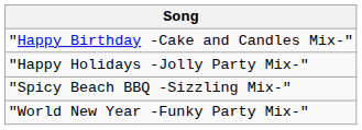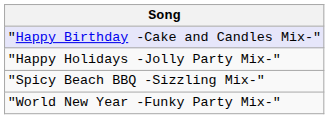 <table class="wikitable sortable" style="border-collapse:collapse;">
 <tr>
 <th scope="col">Song</th>
 </tr>
 <tr>
-<td scope="row">"<a href='#'>Happy Birthday</a> -Cake and Candles Mix-"</td>
+<td scope="row" style="background: lavender;">"<a href='#'>Happy Birthday</a> -Cake and Candles Mix-"</td>
 </tr>
 <tr>
 <td scope="row">"Happy Holidays -Jolly Party Mix-"</td>
 </tr>
 <tr>
 <td scope="row">"Spicy Beach BBQ -Sizzling Mix-"</td>
 </tr>
 <tr>
 <td scope="row">"World New Year -Funky Party Mix-"</td>
 </tr>
 </table>
